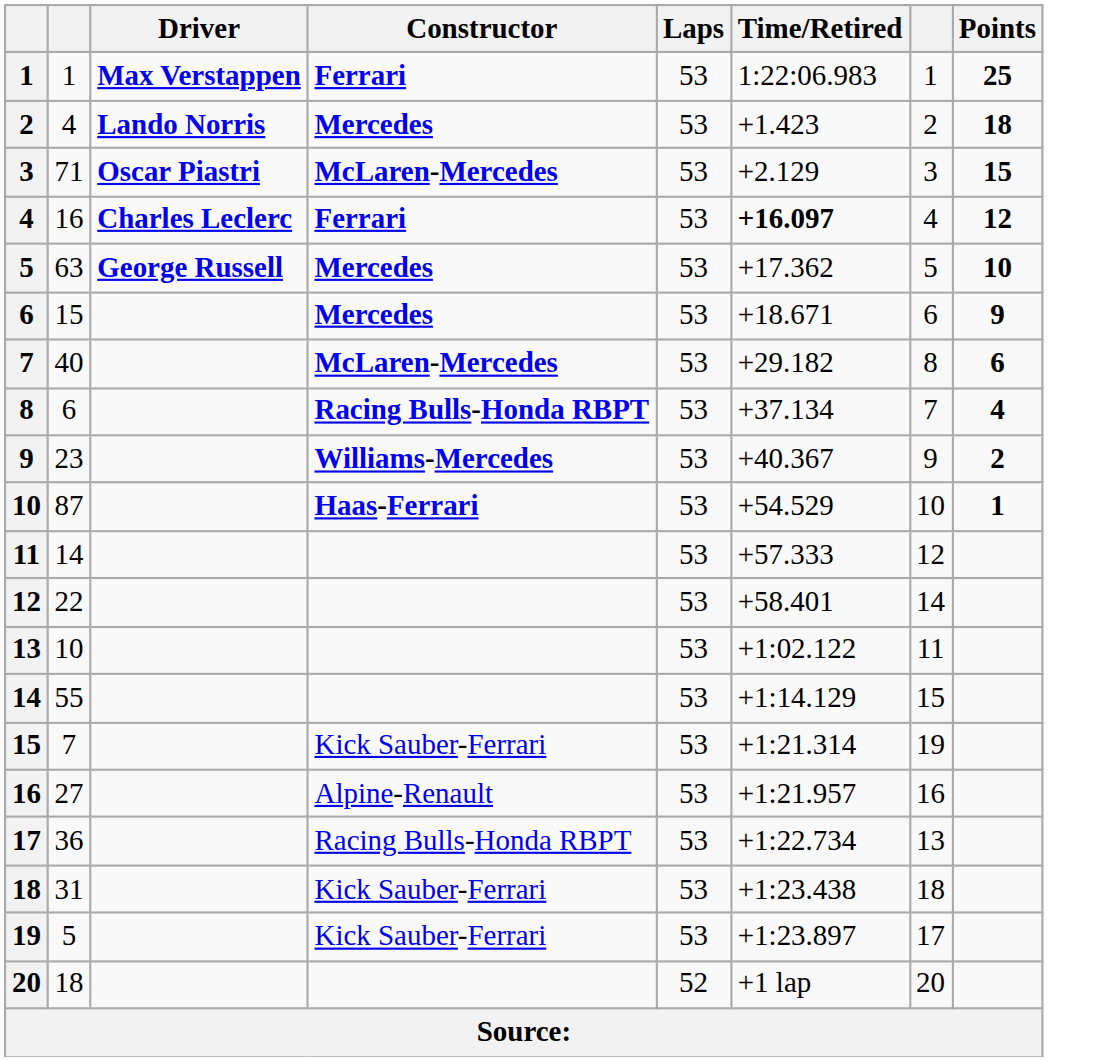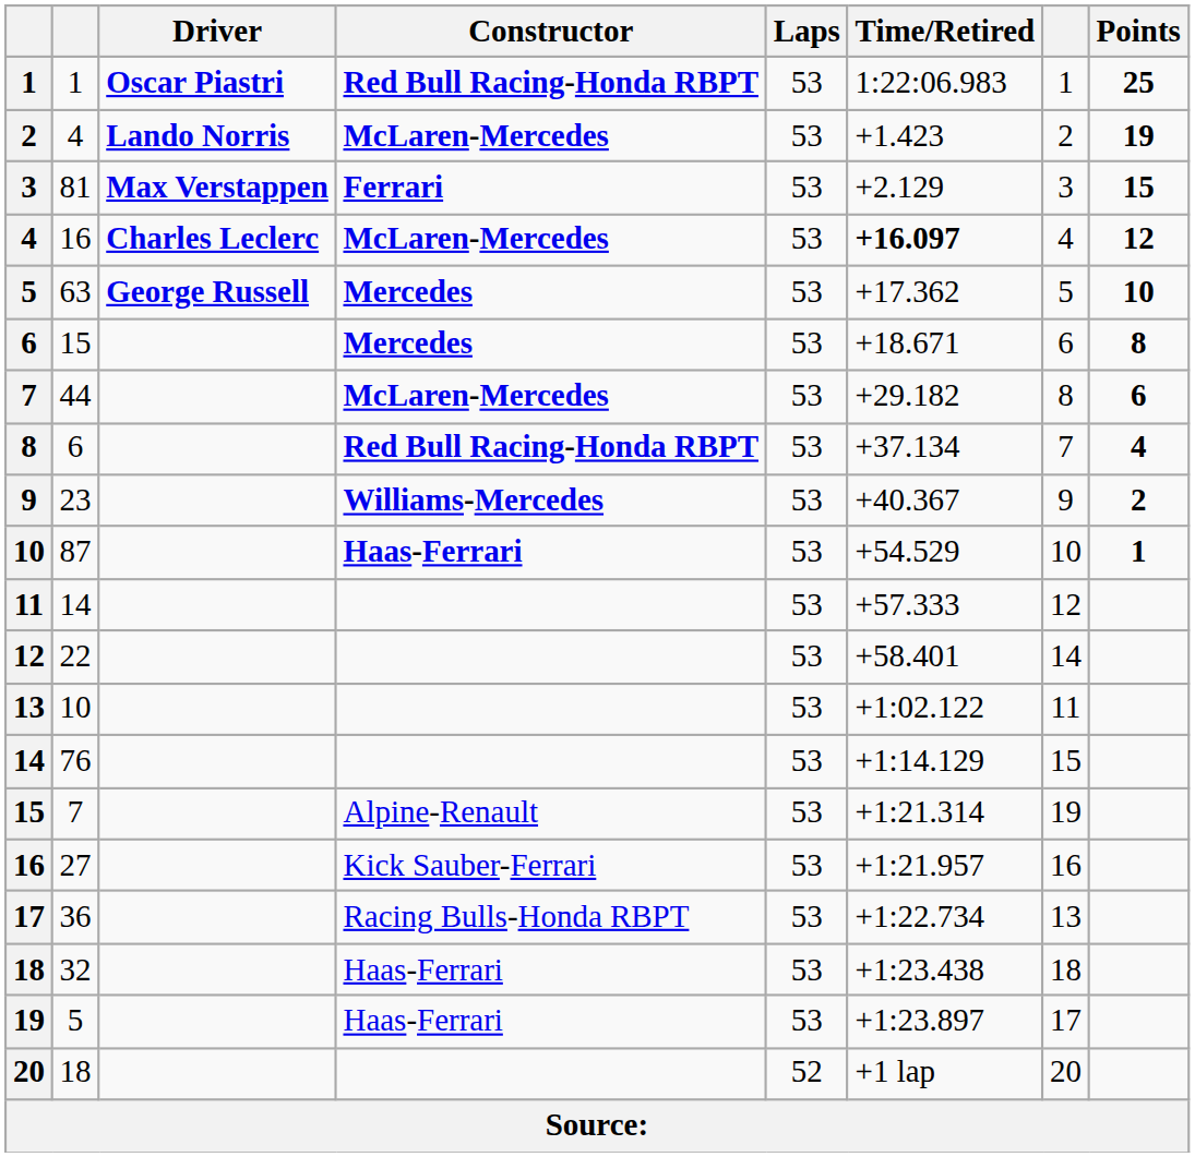 <table class="wikitable sortable" style="font-size: 85%;">
 <tr>
 <th scope="col"></th>
 <th scope="col"></th>
 <th scope="col">Driver</th>
 <th scope="col">Constructor</th>
 <th scope="col" class="unsortable">Laps</th>
 <th scope="col" class="unsortable">Time/Retired</th>
 <th scope="col"></th>
 <th scope="col">Points</th>
 </tr>
 <tr>
 <th scope="row">1</th>
 <td align="center">1</td>
-<td data-sort-value="ver"> <strong><a href='#'>Max Verstappen</a></strong></td>
-<td><strong><a href='#'>Ferrari</a></strong></td>
+<td data-sort-value="pia"> <strong><a href='#'>Oscar Piastri</a></strong></td>
+<td><strong><a href='#'>Red Bull Racing</a>-<a href='#'>Honda RBPT</a></strong></td>
 <td align="center">53</td>
 <td>1:22:06.983</td>
 <td align="center">1</td>
 <td align="center"><strong>25</strong></td>
 </tr>
 <tr>
 <th scope="row">2</th>
 <td align="center">4</td>
 <td data-sort-value="nor"> <strong><a href='#'>Lando Norris</a></strong></td>
-<td><strong><a href='#'>Mercedes</a></strong></td>
+<td><strong><a href='#'>McLaren</a>-<a href='#'>Mercedes</a></strong></td>
 <td align="center">53</td>
 <td>+1.423</td>
 <td align="center">2</td>
-<td align="center"><strong>18</strong></td>
+<td align="center"><strong>19</strong></td>
 </tr>
 <tr>
 <th scope="row">3</th>
-<td align="center">71</td>
-<td data-sort-value="pia"> <strong><a href='#'>Oscar Piastri</a></strong></td>
-<td><strong><a href='#'>McLaren</a>-<a href='#'>Mercedes</a></strong></td>
+<td align="center">81</td>
+<td data-sort-value="ver"> <strong><a href='#'>Max Verstappen</a></strong></td>
+<td><strong><a href='#'>Ferrari</a></strong></td>
 <td align="center">53</td>
 <td>+2.129</td>
 <td align="center">3</td>
 <td align="center"><strong>15</strong></td>
 </tr>
 <tr>
 <th scope="row">4</th>
 <td align="center">16</td>
 <td data-sort-value="lec"> <strong><a href='#'>Charles Leclerc</a></strong></td>
-<td><strong><a href='#'>Ferrari</a></strong></td>
+<td><strong><a href='#'>McLaren</a>-<a href='#'>Mercedes</a></strong></td>
 <td align="center">53</td>
 <td><strong>+16.097</strong></td>
 <td align="center">4</td>
 <td align="center"><strong>12</strong></td>
 </tr>
 <tr>
 <th scope="row">5</th>
 <td align="center">63</td>
 <td data-sort-value="rus"> <strong><a href='#'>George Russell</a></strong></td>
 <td><strong><a href='#'>Mercedes</a></strong></td>
 <td align="center">53</td>
 <td>+17.362</td>
 <td align="center">5</td>
 <td align="center"><strong>10</strong></td>
 </tr>
 <tr>
 <th scope="row">6</th>
 <td align="center">15</td>
 <td data-sort-value="ant"></td>
 <td><strong><a href='#'>Mercedes</a></strong></td>
 <td align="center">53</td>
 <td>+18.671</td>
 <td align="center">6</td>
-<td align="center"><strong>9</strong></td>
+<td align="center"><strong>8</strong></td>
 </tr>
 <tr>
 <th scope="row">7</th>
-<td align="center">40</td>
+<td align="center">44</td>
 <td data-sort-value="ham"></td>
 <td><strong><a href='#'>McLaren</a>-<a href='#'>Mercedes</a></strong></td>
 <td align="center">53</td>
 <td>+29.182</td>
 <td align="center">8</td>
 <td align="center"><strong>6</strong></td>
 </tr>
 <tr>
 <th scope="row">8</th>
 <td align="center">6</td>
 <td data-sort-value="had"></td>
-<td><strong><a href='#'>Racing Bulls</a>-<a href='#'>Honda RBPT</a></strong></td>
+<td><strong><a href='#'>Red Bull Racing</a>-<a href='#'>Honda RBPT</a></strong></td>
 <td align="center">53</td>
 <td>+37.134</td>
 <td align="center">7</td>
 <td align="center"><strong>4</strong></td>
 </tr>
 <tr>
 <th scope="row">9</th>
 <td align="center">23</td>
 <td data-sort-value="alb"></td>
 <td><strong><a href='#'>Williams</a>-<a href='#'>Mercedes</a></strong></td>
 <td align="center">53</td>
 <td>+40.367</td>
 <td align="center">9</td>
 <td align="center"><strong>2</strong></td>
 </tr>
 <tr>
 <th scope="row">10</th>
 <td align="center">87</td>
 <td data-sort-value="bea"></td>
 <td><strong><a href='#'>Haas</a>-<a href='#'>Ferrari</a></strong></td>
 <td align="center">53</td>
 <td>+54.529</td>
 <td align="center">10</td>
 <td align="center"><strong>1</strong></td>
 </tr>
 <tr>
 <th scope="row">11</th>
 <td align="center">14</td>
 <td data-sort-value="alo"></td>
 <td></td>
 <td align="center">53</td>
 <td>+57.333</td>
 <td align="center">12</td>
 <td align="center"></td>
 </tr>
 <tr>
 <th scope="row">12</th>
 <td align="center">22</td>
 <td data-sort-value="tsu"></td>
 <td></td>
 <td align="center">53</td>
 <td>+58.401</td>
 <td align="center">14</td>
 <td align="center"></td>
 </tr>
 <tr>
 <th scope="row">13</th>
 <td align="center">10</td>
 <td data-sort-value="gas"></td>
 <td></td>
 <td align="center">53</td>
 <td>+1:02.122</td>
 <td align="center">11</td>
 <td align="center"></td>
 </tr>
 <tr>
 <th scope="row">14</th>
-<td align="center">55</td>
+<td align="center">76</td>
 <td data-sort-value="sai"></td>
 <td></td>
 <td align="center">53</td>
 <td>+1:14.129</td>
 <td align="center">15</td>
 <td align="center"></td>
 </tr>
 <tr>
 <th scope="row">15</th>
 <td align="center">7</td>
 <td data-sort-value="doo"></td>
-<td><a href='#'>Kick Sauber</a>-<a href='#'>Ferrari</a></td>
+<td><a href='#'>Alpine</a>-<a href='#'>Renault</a></td>
 <td align="center">53</td>
 <td>+1:21.314</td>
 <td align="center">19</td>
 <td align="center"></td>
 </tr>
 <tr>
 <th scope="row">16</th>
 <td align="center">27</td>
 <td data-sort-value="hul"></td>
-<td><a href='#'>Alpine</a>-<a href='#'>Renault</a></td>
+<td><a href='#'>Kick Sauber</a>-<a href='#'>Ferrari</a></td>
 <td align="center">53</td>
 <td>+1:21.957</td>
 <td align="center">16</td>
 <td align="center"></td>
 </tr>
 <tr>
 <th scope="row">17</th>
 <td align="center">36</td>
 <td data-sort-value="law"></td>
 <td><a href='#'>Racing Bulls</a>-<a href='#'>Honda RBPT</a></td>
 <td align="center">53</td>
 <td>+1:22.734</td>
 <td align="center">13</td>
 <td align="center"></td>
 </tr>
 <tr>
 <th scope="row">18</th>
-<td align="center">31</td>
+<td align="center">32</td>
 <td data-sort-value="oco"></td>
-<td><a href='#'>Kick Sauber</a>-<a href='#'>Ferrari</a></td>
+<td><a href='#'>Haas</a>-<a href='#'>Ferrari</a></td>
 <td align="center">53</td>
 <td>+1:23.438</td>
 <td align="center">18</td>
 <td align="center"></td>
 </tr>
 <tr>
 <th scope="row">19</th>
 <td align="center">5</td>
 <td data-sort-value="bor"></td>
-<td><a href='#'>Kick Sauber</a>-<a href='#'>Ferrari</a></td>
+<td><a href='#'>Haas</a>-<a href='#'>Ferrari</a></td>
 <td align="center">53</td>
 <td>+1:23.897</td>
 <td align="center">17</td>
 <td align="center"></td>
 </tr>
 <tr>
 <th scope="row">20</th>
 <td align="center">18</td>
 <td data-sort-value="str"></td>
 <td></td>
 <td align="center">52</td>
 <td>+1 lap</td>
 <td align="center">20</td>
 <td align="center"></td>
 </tr>
 <tr class="sortbottom">
 <th colspan="8">Source:</th>
 </tr>
 </table>
